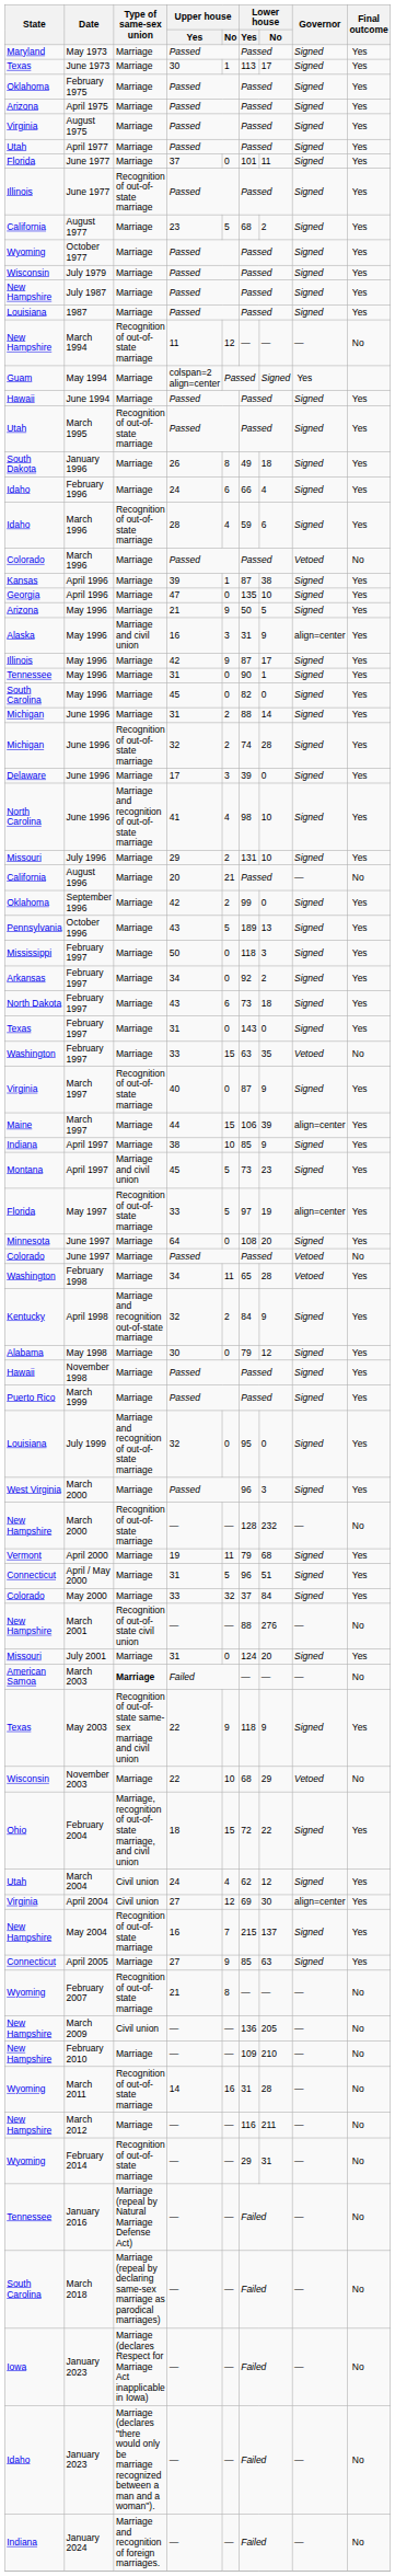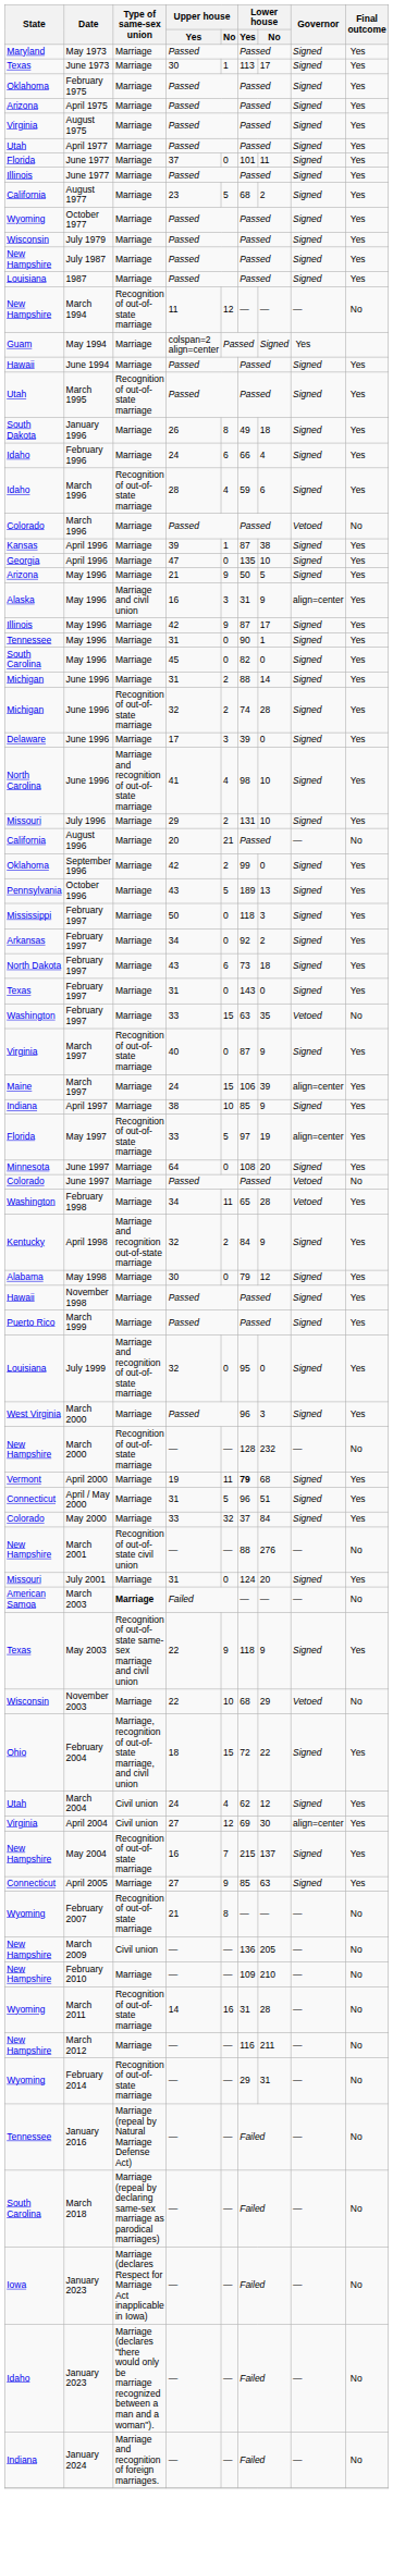 <table class="wikitable sortable" style="width:100%;">
 <tr>
 <th rowspan=2>State</th>
 <th rowspan=2>Date</th>
 <th rowspan=2>Type of same-sex union</th>
 <th colspan=2>Upper house</th>
 <th colspan=2>Lower house</th>
 <th rowspan=2>Governor</th>
 <th rowspan=2>Final<br>outcome</th>
 </tr>
 <tr>
 <th>Yes</th>
 <th>No</th>
 <th>Yes</th>
 <th>No</th>
 </tr>
 <tr>
 <td> <a href='#'>Maryland</a></td>
 <td>May 1973</td>
 <td>Marriage</td>
 <td colspan=2><em>Passed</em></td>
 <td colspan=2><em>Passed</em></td>
 <td><em>Signed</em></td>
 <td> Yes</td>
 </tr>
 <tr>
 <td> <a href='#'>Texas</a></td>
 <td>June 1973</td>
 <td>Marriage</td>
 <td>30</td>
 <td>1</td>
 <td>113</td>
 <td>17</td>
 <td><em>Signed</em></td>
 <td> Yes</td>
 </tr>
 <tr>
 <td> <a href='#'>Oklahoma</a></td>
 <td>February 1975</td>
 <td>Marriage</td>
 <td colspan=2><em>Passed</em></td>
 <td colspan=2><em>Passed</em></td>
 <td><em>Signed</em></td>
 <td> Yes</td>
 </tr>
 <tr>
 <td> <a href='#'>Arizona</a></td>
 <td>April 1975</td>
 <td>Marriage</td>
 <td colspan=2><em>Passed</em></td>
 <td colspan=2><em>Passed</em></td>
 <td><em>Signed</em></td>
 <td> Yes</td>
 </tr>
 <tr>
 <td> <a href='#'>Virginia</a></td>
 <td>August 1975</td>
 <td>Marriage</td>
 <td colspan=2><em>Passed</em></td>
 <td colspan=2><em>Passed</em></td>
 <td><em>Signed</em></td>
 <td> Yes</td>
 </tr>
 <tr>
 <td> <a href='#'>Utah</a></td>
 <td>April 1977</td>
 <td>Marriage</td>
 <td colspan=2><em>Passed</em></td>
 <td colspan=2><em>Passed</em></td>
 <td><em>Signed</em></td>
 <td> Yes</td>
 </tr>
 <tr>
 <td> <a href='#'>Florida</a></td>
 <td>June 1977</td>
 <td>Marriage</td>
 <td>37</td>
 <td>0</td>
 <td>101</td>
 <td>11</td>
 <td><em>Signed</em></td>
 <td> Yes</td>
 </tr>
 <tr>
 <td> <a href='#'>Illinois</a></td>
 <td>June 1977</td>
-<td>Recognition of out-of-state marriage</td>
+<td>Marriage</td>
 <td colspan=2><em>Passed</em></td>
 <td colspan=2><em>Passed</em></td>
 <td><em>Signed</em></td>
 <td> Yes</td>
 </tr>
 <tr>
 <td> <a href='#'>California</a></td>
 <td>August 1977</td>
 <td>Marriage</td>
 <td>23</td>
 <td>5</td>
 <td>68</td>
 <td>2</td>
 <td><em>Signed</em></td>
 <td> Yes</td>
 </tr>
 <tr>
 <td> <a href='#'>Wyoming</a></td>
 <td>October 1977</td>
 <td>Marriage</td>
 <td colspan=2><em>Passed</em></td>
 <td colspan=2><em>Passed</em></td>
 <td><em>Signed</em></td>
 <td> Yes</td>
 </tr>
 <tr>
 <td> <a href='#'>Wisconsin</a></td>
 <td>July 1979</td>
 <td>Marriage</td>
 <td colspan=2><em>Passed</em></td>
 <td colspan=2><em>Passed</em></td>
 <td><em>Signed</em></td>
 <td> Yes</td>
 </tr>
 <tr>
 <td> <a href='#'>New Hampshire</a></td>
 <td>July 1987</td>
 <td>Marriage</td>
 <td colspan=2><em>Passed</em></td>
 <td colspan=2><em>Passed</em></td>
 <td><em>Signed</em></td>
 <td> Yes</td>
 </tr>
 <tr>
 <td> <a href='#'>Louisiana</a></td>
 <td>1987</td>
 <td>Marriage</td>
 <td colspan=2><em>Passed</em></td>
 <td colspan=2><em>Passed</em></td>
 <td><em>Signed</em></td>
 <td> Yes</td>
 </tr>
 <tr>
 <td> <a href='#'>New Hampshire</a></td>
 <td>March 1994</td>
 <td>Recognition of out-of-state marriage</td>
 <td>11</td>
 <td>12</td>
 <td>—</td>
 <td>—</td>
 <td>—</td>
 <td> No</td>
 </tr>
 <tr>
 <td> <a href='#'>Guam</a></td>
 <td>May 1994</td>
 <td>Marriage</td>
 <td>colspan=2 align=center </td>
 <td colspan=2><em>Passed</em></td>
 <td><em>Signed</em></td>
 <td> Yes</td>
 </tr>
 <tr>
 <td> <a href='#'>Hawaii</a></td>
 <td>June 1994</td>
 <td>Marriage</td>
 <td colspan=2><em>Passed</em></td>
 <td colspan=2><em>Passed</em></td>
 <td><em>Signed</em></td>
 <td> Yes</td>
 </tr>
 <tr>
 <td> <a href='#'>Utah</a></td>
 <td>March 1995</td>
 <td>Recognition of out-of-state marriage</td>
 <td colspan=2><em>Passed</em></td>
 <td colspan=2><em>Passed</em></td>
 <td><em>Signed</em></td>
 <td> Yes</td>
 </tr>
 <tr>
 <td> <a href='#'>South Dakota</a></td>
 <td>January 1996</td>
 <td>Marriage</td>
 <td>26</td>
 <td>8</td>
 <td>49</td>
 <td>18</td>
 <td><em>Signed</em></td>
 <td> Yes</td>
 </tr>
 <tr>
 <td> <a href='#'>Idaho</a></td>
 <td>February 1996</td>
 <td>Marriage</td>
 <td>24</td>
 <td>6</td>
 <td>66</td>
 <td>4</td>
 <td><em>Signed</em></td>
 <td> Yes</td>
 </tr>
 <tr>
 <td> <a href='#'>Idaho</a></td>
 <td>March 1996</td>
 <td>Recognition of out-of-state marriage</td>
 <td>28</td>
 <td>4</td>
 <td>59</td>
 <td>6</td>
 <td><em>Signed</em></td>
 <td> Yes</td>
 </tr>
 <tr>
 <td> <a href='#'>Colorado</a></td>
 <td>March 1996</td>
 <td>Marriage</td>
 <td colspan=2><em>Passed</em></td>
 <td colspan=2><em>Passed</em></td>
 <td><em>Vetoed</em></td>
 <td> No</td>
 </tr>
 <tr>
 <td> <a href='#'>Kansas</a></td>
 <td>April 1996</td>
 <td>Marriage</td>
 <td>39</td>
 <td>1</td>
 <td>87</td>
 <td>38</td>
 <td><em>Signed</em></td>
 <td> Yes</td>
 </tr>
 <tr>
 <td> <a href='#'>Georgia</a></td>
 <td>April 1996</td>
 <td>Marriage</td>
 <td>47</td>
 <td>0</td>
 <td>135</td>
 <td>10</td>
 <td><em>Signed</em></td>
 <td> Yes</td>
 </tr>
 <tr>
 <td> <a href='#'>Arizona</a></td>
 <td>May 1996</td>
 <td>Marriage</td>
 <td>21</td>
 <td>9</td>
 <td>50</td>
 <td>5</td>
 <td><em>Signed</em></td>
 <td> Yes</td>
 </tr>
 <tr>
 <td> <a href='#'>Alaska</a></td>
 <td>May 1996</td>
 <td>Marriage and civil union</td>
 <td>16</td>
 <td>3</td>
 <td>31</td>
 <td>9</td>
 <td>align=center </td>
 <td> Yes</td>
 </tr>
 <tr>
 <td> <a href='#'>Illinois</a></td>
 <td>May 1996</td>
 <td>Marriage</td>
 <td>42</td>
 <td>9</td>
 <td>87</td>
 <td>17</td>
 <td><em>Signed</em></td>
 <td> Yes</td>
 </tr>
 <tr>
 <td> <a href='#'>Tennessee</a></td>
 <td>May 1996</td>
 <td>Marriage</td>
 <td>31</td>
 <td>0</td>
 <td>90</td>
 <td>1</td>
 <td><em>Signed</em></td>
 <td> Yes</td>
 </tr>
 <tr>
 <td> <a href='#'>South Carolina</a></td>
 <td>May 1996</td>
 <td>Marriage</td>
 <td>45</td>
 <td>0</td>
 <td>82</td>
 <td>0</td>
 <td><em>Signed</em></td>
 <td> Yes</td>
 </tr>
 <tr>
 <td> <a href='#'>Michigan</a></td>
 <td>June 1996</td>
 <td>Marriage</td>
 <td>31</td>
 <td>2</td>
 <td>88</td>
 <td>14</td>
 <td><em>Signed</em></td>
 <td> Yes</td>
 </tr>
 <tr>
 <td> <a href='#'>Michigan</a></td>
 <td>June 1996</td>
 <td>Recognition of out-of-state marriage</td>
 <td>32</td>
 <td>2</td>
 <td>74</td>
 <td>28</td>
 <td><em>Signed</em></td>
 <td> Yes</td>
 </tr>
 <tr>
 <td> <a href='#'>Delaware</a></td>
 <td>June 1996</td>
 <td>Marriage</td>
 <td>17</td>
 <td>3</td>
 <td>39</td>
 <td>0</td>
 <td><em>Signed</em></td>
 <td> Yes</td>
 </tr>
 <tr>
 <td> <a href='#'>North Carolina</a></td>
 <td>June 1996</td>
 <td>Marriage and recognition of out-of-state marriage</td>
 <td>41</td>
 <td>4</td>
 <td>98</td>
 <td>10</td>
 <td><em>Signed</em></td>
 <td> Yes</td>
 </tr>
 <tr>
 <td> <a href='#'>Missouri</a></td>
 <td>July 1996</td>
 <td>Marriage</td>
 <td>29</td>
 <td>2</td>
 <td>131</td>
 <td>10</td>
 <td><em>Signed</em></td>
 <td> Yes</td>
 </tr>
 <tr>
 <td> <a href='#'>California</a></td>
 <td>August 1996</td>
 <td>Marriage</td>
 <td>20</td>
 <td>21</td>
 <td colspan=2><em>Passed</em></td>
 <td>—</td>
 <td> No</td>
 </tr>
 <tr>
 <td> <a href='#'>Oklahoma</a></td>
 <td>September 1996</td>
 <td>Marriage</td>
 <td>42</td>
 <td>2</td>
 <td>99</td>
 <td>0</td>
 <td><em>Signed</em></td>
 <td> Yes</td>
 </tr>
 <tr>
 <td> <a href='#'>Pennsylvania</a></td>
 <td>October 1996</td>
 <td>Marriage</td>
 <td>43</td>
 <td>5</td>
 <td>189</td>
 <td>13</td>
 <td><em>Signed</em></td>
 <td> Yes</td>
 </tr>
 <tr>
 <td> <a href='#'>Mississippi</a></td>
 <td>February 1997</td>
 <td>Marriage</td>
 <td>50</td>
 <td>0</td>
 <td>118</td>
 <td>3</td>
 <td><em>Signed</em></td>
 <td> Yes</td>
 </tr>
 <tr>
 <td> <a href='#'>Arkansas</a></td>
 <td>February 1997</td>
 <td>Marriage</td>
 <td>34</td>
 <td>0</td>
 <td>92</td>
 <td>2</td>
 <td><em>Signed</em></td>
 <td> Yes</td>
 </tr>
 <tr>
 <td> <a href='#'>North Dakota</a></td>
 <td>February 1997</td>
 <td>Marriage</td>
 <td>43</td>
 <td>6</td>
 <td>73</td>
 <td>18</td>
 <td><em>Signed</em></td>
 <td> Yes</td>
 </tr>
 <tr>
 <td> <a href='#'>Texas</a></td>
 <td>February 1997</td>
 <td>Marriage</td>
 <td>31</td>
 <td>0</td>
 <td>143</td>
 <td>0</td>
 <td><em>Signed</em></td>
 <td> Yes</td>
 </tr>
 <tr>
 <td> <a href='#'>Washington</a></td>
 <td>February 1997</td>
 <td>Marriage</td>
 <td>33</td>
 <td>15</td>
 <td>63</td>
 <td>35</td>
 <td><em>Vetoed</em></td>
 <td> No</td>
 </tr>
 <tr>
 <td> <a href='#'>Virginia</a></td>
 <td>March 1997</td>
 <td>Recognition of out-of-state marriage</td>
 <td>40</td>
 <td>0</td>
 <td>87</td>
 <td>9</td>
 <td><em>Signed</em></td>
 <td> Yes</td>
 </tr>
 <tr>
 <td> <a href='#'>Maine</a></td>
 <td>March 1997</td>
 <td>Marriage</td>
-<td>44</td>
+<td>24</td>
 <td>15</td>
 <td>106</td>
 <td>39</td>
 <td>align=center </td>
 <td> Yes</td>
 </tr>
 <tr>
 <td> <a href='#'>Indiana</a></td>
 <td>April 1997</td>
 <td>Marriage</td>
 <td>38</td>
 <td>10</td>
 <td>85</td>
 <td>9</td>
-<td><em>Signed</em></td>
-<td> Yes</td>
-</tr>
-<tr>
-<td> <a href='#'>Montana</a></td>
-<td>April 1997</td>
-<td>Marriage and civil union</td>
-<td>45</td>
-<td>5</td>
-<td>73</td>
-<td>23</td>
 <td><em>Signed</em></td>
 <td> Yes</td>
 </tr>
 <tr>
 <td> <a href='#'>Florida</a></td>
 <td>May 1997</td>
 <td>Recognition of out-of-state marriage</td>
 <td>33</td>
 <td>5</td>
 <td>97</td>
 <td>19</td>
 <td>align=center </td>
 <td> Yes</td>
 </tr>
 <tr>
 <td> <a href='#'>Minnesota</a></td>
 <td>June 1997</td>
 <td>Marriage</td>
 <td>64</td>
 <td>0</td>
 <td>108</td>
 <td>20</td>
 <td><em>Signed</em></td>
 <td> Yes</td>
 </tr>
 <tr>
 <td> <a href='#'>Colorado</a></td>
 <td>June 1997</td>
 <td>Marriage</td>
 <td colspan=2><em>Passed</em></td>
 <td colspan=2><em>Passed</em></td>
 <td><em>Vetoed</em></td>
 <td> No</td>
 </tr>
 <tr>
 <td> <a href='#'>Washington</a></td>
 <td>February 1998</td>
 <td>Marriage</td>
 <td>34</td>
 <td>11</td>
 <td>65</td>
 <td>28</td>
 <td><em>Vetoed</em> </td>
 <td> Yes</td>
 </tr>
 <tr>
 <td> <a href='#'>Kentucky</a></td>
 <td>April 1998</td>
 <td>Marriage and recognition out-of-state marriage</td>
 <td>32</td>
 <td>2</td>
 <td>84</td>
 <td>9</td>
 <td><em>Signed</em></td>
 <td> Yes</td>
 </tr>
 <tr>
 <td> <a href='#'>Alabama</a></td>
 <td>May 1998</td>
 <td>Marriage</td>
 <td>30</td>
 <td>0</td>
 <td>79</td>
 <td>12</td>
 <td><em>Signed</em></td>
 <td> Yes</td>
 </tr>
 <tr>
 <td> <a href='#'>Hawaii</a></td>
 <td>November 1998</td>
 <td>Marriage</td>
 <td colspan=2><em>Passed</em></td>
 <td colspan=2><em>Passed</em></td>
 <td><em>Signed</em></td>
 <td> Yes</td>
 </tr>
 <tr>
 <td> <a href='#'>Puerto Rico</a></td>
 <td>March 1999</td>
 <td>Marriage</td>
 <td colspan=2><em>Passed</em></td>
 <td colspan=2><em>Passed</em></td>
 <td><em>Signed</em></td>
 <td> Yes</td>
 </tr>
 <tr>
 <td> <a href='#'>Louisiana</a></td>
 <td>July 1999</td>
 <td>Marriage and recognition of out-of-state marriage</td>
 <td>32</td>
 <td>0</td>
 <td>95</td>
 <td>0</td>
 <td><em>Signed</em></td>
 <td> Yes</td>
 </tr>
 <tr>
 <td> <a href='#'>West Virginia</a></td>
 <td>March 2000</td>
 <td>Marriage</td>
 <td colspan=2><em>Passed</em></td>
 <td>96</td>
 <td>3</td>
 <td><em>Signed</em></td>
 <td> Yes</td>
 </tr>
 <tr>
 <td> <a href='#'>New Hampshire</a></td>
 <td>March 2000</td>
 <td>Recognition of out-of-state marriage</td>
 <td>—</td>
 <td>—</td>
 <td>128</td>
 <td>232</td>
 <td>—</td>
 <td> No</td>
 </tr>
 <tr>
 <td> <a href='#'>Vermont</a></td>
 <td>April 2000</td>
 <td>Marriage</td>
 <td>19</td>
 <td>11</td>
-<td>79</td>
+<td><strong>79</strong></td>
 <td>68</td>
 <td><em>Signed</em></td>
 <td> Yes</td>
 </tr>
 <tr>
 <td> <a href='#'>Connecticut</a></td>
 <td>April / May 2000</td>
 <td>Marriage</td>
 <td>31</td>
 <td>5</td>
 <td>96</td>
 <td>51</td>
 <td><em>Signed</em></td>
 <td> Yes</td>
 </tr>
 <tr>
 <td> <a href='#'>Colorado</a></td>
 <td>May 2000</td>
 <td>Marriage</td>
 <td>33</td>
 <td>32</td>
 <td>37</td>
 <td>84</td>
 <td><em>Signed</em></td>
 <td> Yes</td>
 </tr>
 <tr>
 <td> <a href='#'>New Hampshire</a></td>
 <td>March 2001</td>
 <td>Recognition of out-of-state civil union</td>
 <td>—</td>
 <td>—</td>
 <td>88</td>
 <td>276</td>
 <td>—</td>
 <td> No</td>
 </tr>
 <tr>
 <td> <a href='#'>Missouri</a></td>
 <td>July 2001</td>
 <td>Marriage</td>
 <td>31</td>
 <td>0</td>
 <td>124</td>
 <td>20</td>
 <td><em>Signed</em></td>
 <td> Yes</td>
 </tr>
 <tr>
 <td> <a href='#'>American Samoa</a></td>
 <td>March 2003</td>
 <td><strong>Marriage</strong></td>
 <td colspan=2><em>Failed</em></td>
 <td>—</td>
 <td>—</td>
 <td>—</td>
 <td> No</td>
 </tr>
 <tr>
 <td> <a href='#'>Texas</a></td>
 <td>May 2003</td>
 <td>Recognition of out-of-state same-sex marriage and civil union</td>
 <td>22</td>
 <td>9</td>
 <td>118</td>
 <td>9</td>
 <td><em>Signed</em></td>
 <td> Yes</td>
 </tr>
 <tr>
 <td> <a href='#'>Wisconsin</a></td>
 <td>November 2003</td>
 <td>Marriage</td>
 <td>22</td>
 <td>10</td>
 <td>68</td>
 <td>29</td>
 <td><em>Vetoed</em></td>
 <td> No</td>
 </tr>
 <tr>
 <td> <a href='#'>Ohio</a></td>
 <td>February 2004</td>
 <td>Marriage, recognition of out-of-state marriage, and civil union</td>
 <td>18</td>
 <td>15</td>
 <td>72</td>
 <td>22</td>
 <td><em>Signed</em></td>
 <td> Yes</td>
 </tr>
 <tr>
 <td> <a href='#'>Utah</a></td>
 <td>March 2004</td>
 <td>Civil union</td>
 <td>24</td>
 <td>4</td>
 <td>62</td>
 <td>12</td>
 <td><em>Signed</em></td>
 <td> Yes</td>
 </tr>
 <tr>
 <td> <a href='#'>Virginia</a></td>
 <td>April 2004</td>
 <td>Civil union</td>
 <td>27</td>
 <td>12</td>
 <td>69</td>
 <td>30</td>
 <td>align=center </td>
 <td> Yes</td>
 </tr>
 <tr>
 <td> <a href='#'>New Hampshire</a></td>
 <td>May 2004</td>
 <td>Recognition of out-of-state marriage</td>
 <td>16</td>
 <td>7</td>
 <td>215</td>
 <td>137</td>
 <td><em>Signed</em></td>
 <td> Yes</td>
 </tr>
 <tr>
 <td> <a href='#'>Connecticut</a></td>
 <td>April 2005</td>
 <td>Marriage</td>
 <td>27</td>
 <td>9</td>
 <td>85</td>
 <td>63</td>
 <td><em>Signed</em></td>
 <td> Yes</td>
 </tr>
 <tr>
 <td> <a href='#'>Wyoming</a></td>
 <td>February 2007</td>
 <td>Recognition of out-of-state marriage</td>
 <td>21</td>
 <td>8</td>
 <td>—</td>
 <td>—</td>
 <td>—</td>
 <td> No</td>
 </tr>
 <tr>
 <td> <a href='#'>New Hampshire</a></td>
 <td>March 2009</td>
 <td>Civil union</td>
 <td>—</td>
 <td>—</td>
 <td>136</td>
 <td>205</td>
 <td>—</td>
 <td> No</td>
 </tr>
 <tr>
 <td> <a href='#'>New Hampshire</a></td>
 <td>February 2010</td>
 <td>Marriage</td>
 <td>—</td>
 <td>—</td>
 <td>109</td>
 <td>210</td>
 <td>—</td>
 <td> No</td>
 </tr>
 <tr>
 <td> <a href='#'>Wyoming</a></td>
 <td>March 2011</td>
 <td>Recognition of out-of-state marriage</td>
 <td>14</td>
 <td>16</td>
 <td>31</td>
 <td>28</td>
 <td>—</td>
 <td> No</td>
 </tr>
 <tr>
 <td> <a href='#'>New Hampshire</a></td>
 <td>March 2012</td>
 <td>Marriage</td>
 <td>—</td>
 <td>—</td>
 <td>116</td>
 <td>211</td>
 <td>—</td>
 <td> No</td>
 </tr>
 <tr>
 <td> <a href='#'>Wyoming</a></td>
 <td>February 2014</td>
 <td>Recognition of out-of-state marriage</td>
 <td>—</td>
 <td>—</td>
 <td>29</td>
 <td>31</td>
 <td>—</td>
 <td> No</td>
 </tr>
 <tr>
 <td> <a href='#'>Tennessee</a></td>
 <td>January 2016</td>
 <td>Marriage (repeal by Natural Marriage Defense Act)</td>
 <td>—</td>
 <td>—</td>
 <td colspan=2><em>Failed</em></td>
 <td>—</td>
 <td> No</td>
 </tr>
 <tr>
 <td> <a href='#'>South Carolina</a></td>
 <td>March 2018</td>
 <td>Marriage (repeal by declaring same-sex marriage as parodical marriages)</td>
 <td>—</td>
 <td>—</td>
 <td colspan=2><em>Failed</em></td>
 <td>—</td>
 <td> No</td>
 </tr>
 <tr>
 <td> <a href='#'>Iowa</a></td>
 <td>January 2023</td>
 <td>Marriage (declares Respect for Marriage Act inapplicable in Iowa)</td>
 <td>—</td>
 <td>—</td>
 <td colspan=2><em>Failed</em></td>
 <td>—</td>
 <td> No</td>
 </tr>
 <tr>
 <td> <a href='#'>Idaho</a></td>
 <td>January 2023</td>
 <td>Marriage (declares "there would only be marriage recognized between a man and a woman").</td>
 <td>—</td>
 <td>—</td>
 <td colspan=2><em>Failed</em></td>
 <td>—</td>
 <td> No</td>
 </tr>
 <tr>
 <td> <a href='#'>Indiana</a></td>
 <td>January 2024</td>
 <td>Marriage and recognition of foreign marriages.</td>
 <td>—</td>
 <td>—</td>
 <td colspan=2><em>Failed</em></td>
 <td>—</td>
 <td> No</td>
 </tr>
 <tr>
 </tr>
 </table>
